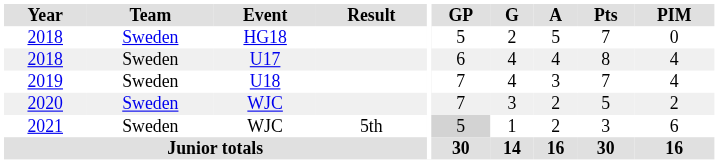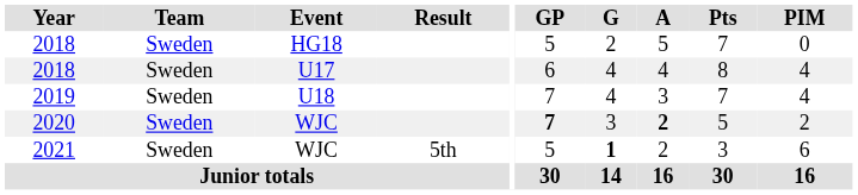 <table border="0" cellpadding="1" cellspacing="0" ID="Table3" style="text-align:center; width:40em;">
 <tr bgcolor="#e0e0e0">
 <th>Year</th>
 <th>Team</th>
 <th>Event</th>
 <th>Result</th>
 <th rowspan="99" bgcolor="#ffffff"></th>
 <th>GP</th>
 <th>G</th>
 <th>A</th>
 <th>Pts</th>
 <th>PIM</th>
 </tr>
 <tr>
 <td><a href='#'>2018</a></td>
 <td><a href='#'>Sweden</a></td>
 <td><a href='#'>HG18</a></td>
 <td></td>
 <td>5</td>
 <td>2</td>
 <td>5</td>
 <td>7</td>
 <td>0</td>
 </tr>
 <tr bgcolor="#f0f0f0">
 <td><a href='#'>2018</a></td>
 <td>Sweden</td>
 <td><a href='#'>U17</a></td>
 <td></td>
 <td>6</td>
 <td>4</td>
 <td>4</td>
 <td>8</td>
 <td>4</td>
 </tr>
 <tr>
 <td><a href='#'>2019</a></td>
 <td>Sweden</td>
 <td><a href='#'>U18</a></td>
 <td></td>
 <td>7</td>
 <td>4</td>
 <td>3</td>
 <td>7</td>
 <td>4</td>
 </tr>
 <tr bgcolor="#f0f0f0">
 <td><a href='#'>2020</a></td>
 <td><a href='#'>Sweden</a></td>
 <td><a href='#'>WJC</a></td>
 <td></td>
-<td>7</td>
+<td><strong>7</strong></td>
 <td>3</td>
-<td>2</td>
+<td><strong>2</strong></td>
 <td>5</td>
 <td>2</td>
 </tr>
 <tr>
 <td><a href='#'>2021</a></td>
 <td>Sweden</td>
 <td>WJC</td>
 <td>5th</td>
-<td style="background: lightgrey;">5</td>
-<td>1</td>
+<td>5</td>
+<td><strong>1</strong></td>
 <td>2</td>
 <td>3</td>
 <td>6</td>
 </tr>
 <tr bgcolor="#e0e0e0">
 <th colspan="4">Junior totals</th>
 <th>30</th>
 <th>14</th>
 <th>16</th>
 <th>30</th>
 <th>16</th>
 </tr>
 </table>
